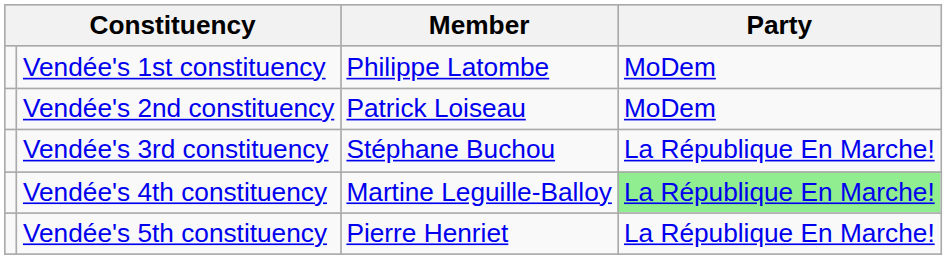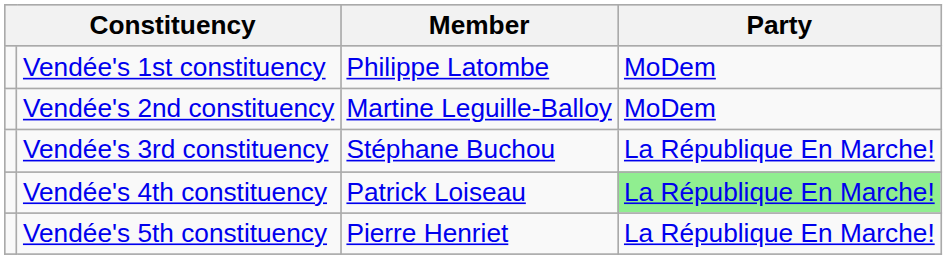 <table class="wikitable">
 <tr>
 <th colspan="2">Constituency</th>
 <th>Member</th>
 <th>Party</th>
 </tr>
 <tr>
 <td style="background-color: "></td>
 <td><a href='#'>Vendée's 1st constituency</a></td>
 <td><a href='#'>Philippe Latombe</a></td>
 <td><a href='#'>MoDem</a></td>
 </tr>
 <tr>
 <td style="background-color: "></td>
 <td><a href='#'>Vendée's 2nd constituency</a></td>
-<td><a href='#'>Patrick Loiseau</a></td>
+<td><a href='#'>Martine Leguille-Balloy</a></td>
 <td><a href='#'>MoDem</a></td>
 </tr>
 <tr>
 <td style="background-color: "></td>
 <td><a href='#'>Vendée's 3rd constituency</a></td>
 <td><a href='#'>Stéphane Buchou</a></td>
 <td><a href='#'>La République En Marche!</a></td>
 </tr>
 <tr>
 <td style="background-color: "></td>
 <td><a href='#'>Vendée's 4th constituency</a></td>
-<td><a href='#'>Martine Leguille-Balloy</a></td>
+<td><a href='#'>Patrick Loiseau</a></td>
 <td style="background: lightgreen;"><a href='#'>La République En Marche!</a></td>
 </tr>
 <tr>
 <td style="background-color: "></td>
 <td><a href='#'>Vendée's 5th constituency</a></td>
 <td><a href='#'>Pierre Henriet</a></td>
 <td><a href='#'>La République En Marche!</a></td>
 </tr>
 </table>
